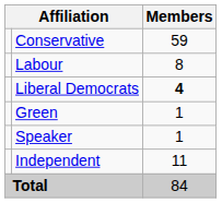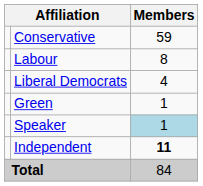 <table class="wikitable">
 <tr>
 <th colspan="2">Affiliation</th>
 <th>Members</th>
 </tr>
 <tr>
 <td></td>
 <td><a href='#'>Conservative</a></td>
 <td style="text-align:center;">59</td>
 </tr>
 <tr>
 <td></td>
 <td><a href='#'>Labour</a></td>
 <td style="text-align:center;">8</td>
 </tr>
 <tr>
 <td></td>
 <td><a href='#'>Liberal Democrats</a></td>
-<td style="text-align:center;"><strong>4</strong></td>
+<td style="text-align:center;">4</td>
 </tr>
 <tr>
 <td></td>
 <td><a href='#'>Green</a></td>
 <td style="text-align:center;">1</td>
 </tr>
 <tr>
 <td></td>
 <td><a href='#'>Speaker</a></td>
-<td style="text-align:center;">1</td>
+<td style="background: lightblue; text-align:center;">1</td>
 </tr>
 <tr>
 <td></td>
 <td><a href='#'>Independent</a></td>
-<td style="text-align:center;">11</td>
+<td style="text-align:center;"><strong>11</strong></td>
 </tr>
 <tr style="background:#ccc;">
 <td colspan="2"> <strong>Total</strong></td>
 <td style="text-align:center;">84</td>
 </tr>
 </table>
